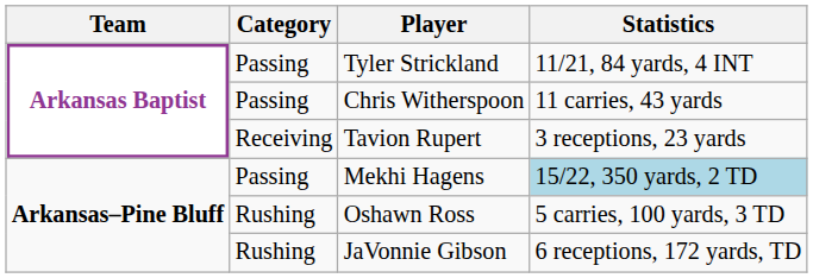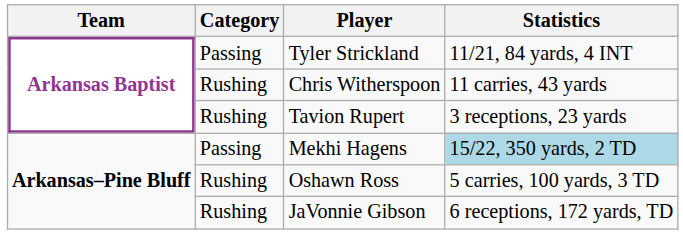 <table class="wikitable" style="float: right;">
 <tr>
 <th>Team</th>
 <th>Category</th>
 <th>Player</th>
 <th>Statistics</th>
 </tr>
 <tr>
 <td rowspan=3 style="background-color:#FFFFFF;color:#8F3692;box-shadow: inset 2px 2px 0 #8F3692, inset -2px -2px 0 #8F3692; text-align:center;"><strong>Arkansas Baptist</strong></td>
 <td>Passing</td>
 <td>Tyler Strickland</td>
 <td>11/21, 84 yards, 4 INT</td>
 </tr>
 <tr>
-<td>Passing</td>
+<td>Rushing</td>
 <td>Chris Witherspoon</td>
 <td>11 carries, 43 yards</td>
 </tr>
 <tr>
-<td>Receiving</td>
+<td>Rushing</td>
 <td>Tavion Rupert</td>
 <td>3 receptions, 23 yards</td>
 </tr>
 <tr>
 <td rowspan=3><strong>Arkansas–Pine Bluff</strong></td>
 <td>Passing</td>
 <td>Mekhi Hagens</td>
 <td style="background: lightblue;">15/22, 350 yards, 2 TD</td>
 </tr>
 <tr>
 <td>Rushing</td>
 <td>Oshawn Ross</td>
 <td>5 carries, 100 yards, 3 TD</td>
 </tr>
 <tr>
 <td>Rushing</td>
 <td>JaVonnie Gibson</td>
 <td>6 receptions, 172 yards, TD</td>
 </tr>
 </table>
